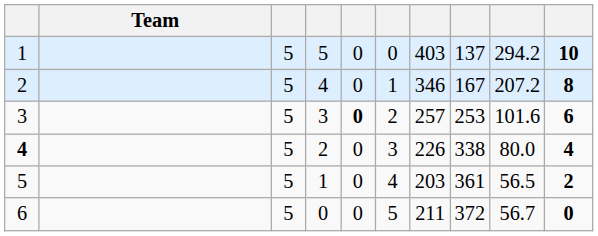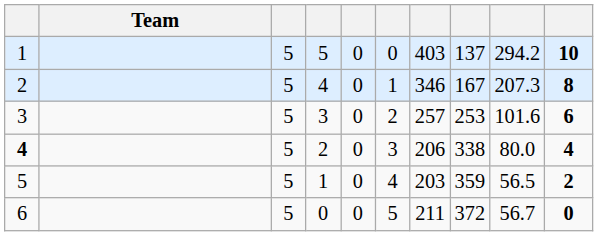 <table class=wikitable style=text-align:center>
 <tr>
 <th width=20 abbr=Position></th>
 <th width=175>Team</th>
 <th width=20 abbr=Played></th>
 <th width=20 abbr=Won></th>
 <th width=20 abbr=Drawn></th>
 <th width=20 abbr=Lost></th>
 <th width=20 abbr=Goals for></th>
 <th width=20 abbr=Goals against></th>
 <th width=20 abbr=Goal percentage></th>
 <th width=30 abbr=Points></th>
 </tr>
 <tr bgcolor=#ddeeff>
 <td>1 </td>
 <td align=left></td>
 <td>5</td>
 <td>5</td>
 <td>0</td>
 <td>0</td>
 <td>403</td>
 <td>137</td>
 <td>294.2</td>
 <td><strong>10</strong></td>
 </tr>
 <tr bgcolor=#ddeeff>
 <td>2 </td>
 <td align=left></td>
 <td>5</td>
 <td>4</td>
 <td>0</td>
 <td>1</td>
 <td>346</td>
 <td>167</td>
-<td>207.2</td>
+<td>207.3</td>
 <td><strong>8</strong></td>
 </tr>
 <tr>
 <td>3 </td>
 <td align=left></td>
 <td>5</td>
 <td>3</td>
-<td><strong>0</strong></td>
+<td>0</td>
 <td>2</td>
 <td>257</td>
 <td>253</td>
 <td>101.6</td>
 <td><strong>6</strong></td>
 </tr>
 <tr>
 <td><strong>4 </strong></td>
 <td align=left></td>
 <td>5</td>
 <td>2</td>
 <td>0</td>
 <td>3</td>
-<td>226</td>
+<td>206</td>
 <td>338</td>
 <td>80.0</td>
 <td><strong>4</strong></td>
 </tr>
 <tr>
 <td>5 </td>
 <td align=left></td>
 <td>5</td>
 <td>1</td>
 <td>0</td>
 <td>4</td>
 <td>203</td>
-<td>361</td>
+<td>359</td>
 <td>56.5</td>
 <td><strong>2</strong></td>
 </tr>
 <tr>
 <td>6 </td>
 <td align=left></td>
 <td>5</td>
 <td>0</td>
 <td>0</td>
 <td>5</td>
 <td>211</td>
 <td>372</td>
 <td>56.7</td>
 <td><strong>0</strong></td>
 </tr>
 </table>
